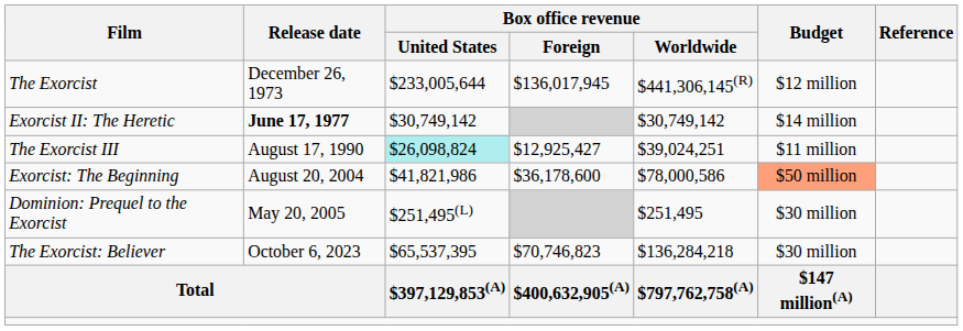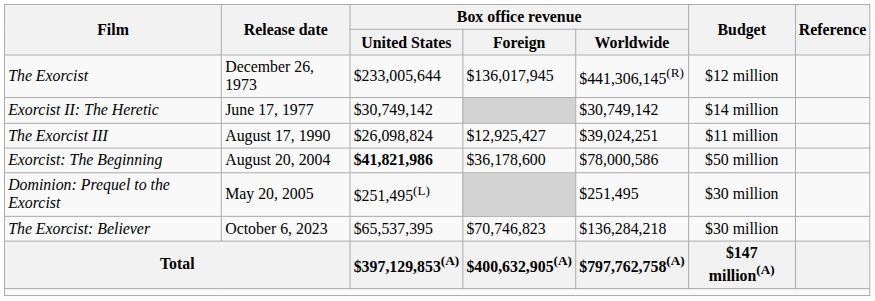 <table class="wikitable" style="width:99%;">
 <tr>
 <th rowspan="2" style="text-align:center;"><strong>Film</strong></th>
 <th rowspan="2" style="text-align:center;"><strong>Release date</strong></th>
 <th colspan="3" style="text-align:center;"><strong>Box office revenue</strong></th>
 <th rowspan="2" style="text-align:center;"><strong>Budget</strong></th>
 <th rowspan="2" style="text-align:center;"><strong>Reference</strong></th>
 </tr>
 <tr>
 <th style="text-align:center;"><strong>United States</strong></th>
 <th style="text-align:center;"><strong>Foreign</strong></th>
 <th style="text-align:center;"><strong>Worldwide</strong></th>
 </tr>
 <tr>
 <td><em>The Exorcist</em></td>
 <td>December 26, 1973</td>
 <td>$233,005,644</td>
 <td>$136,017,945</td>
 <td>$441,306,145<sup>(R)</sup></td>
 <td style="text-align:center;">$12 million</td>
 <td style="text-align:center;"></td>
 </tr>
 <tr>
 <td><em>Exorcist II: The Heretic</em></td>
-<td><strong>June 17, 1977</strong></td>
+<td>June 17, 1977</td>
 <td>$30,749,142</td>
 <td style="background:lightgrey;"></td>
 <td>$30,749,142</td>
 <td style="text-align:center;">$14 million</td>
 <td style="text-align:center;"></td>
 </tr>
 <tr>
 <td><em>The Exorcist III</em></td>
 <td>August 17, 1990</td>
-<td style="background: paleturquoise;">$26,098,824</td>
+<td>$26,098,824</td>
 <td>$12,925,427</td>
 <td>$39,024,251</td>
 <td style="text-align:center;">$11 million</td>
 <td style="text-align:center;"></td>
 </tr>
 <tr>
 <td><em>Exorcist: The Beginning</em></td>
 <td>August 20, 2004</td>
-<td>$41,821,986</td>
+<td><strong>$41,821,986</strong></td>
 <td>$36,178,600</td>
 <td>$78,000,586</td>
-<td style="background: lightsalmon; text-align:center;">$50 million</td>
+<td style="text-align:center;">$50 million</td>
 <td style="text-align:center;"></td>
 </tr>
 <tr>
 <td><em>Dominion: Prequel to the Exorcist</em></td>
 <td>May 20, 2005</td>
 <td>$251,495<sup>(L)</sup></td>
 <td style="background:lightgrey;"></td>
 <td>$251,495</td>
 <td style="text-align:center;">$30 million</td>
 <td style="text-align:center;"></td>
 </tr>
 <tr>
 <td><em>The Exorcist: Believer</em></td>
 <td>October 6, 2023</td>
 <td>$65,537,395</td>
 <td>$70,746,823</td>
 <td>$136,284,218</td>
 <td style="text-align:center;">$30 million</td>
 <td style="text-align:center;"></td>
 </tr>
 <tr>
 <th colspan="2" style="text-align:center;">Total</th>
 <th>$397,129,853<sup>(A)</sup></th>
 <th>$400,632,905<sup>(A)</sup></th>
 <th>$797,762,758<sup>(A)</sup></th>
 <th style="text-align:center;">$147 million<sup>(A)</sup></th>
 <th></th>
 </tr>
 <tr>
 <td colspan="7"></td>
 </tr>
 </table>
